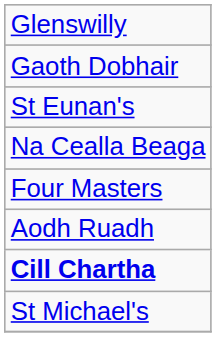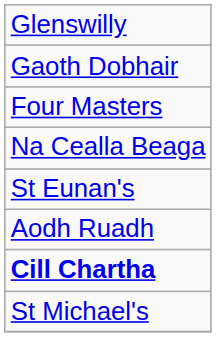 <table class="wikitable">
 <tr>
 <td><a href='#'>Glenswilly</a></td>
 </tr>
 <tr>
 <td><a href='#'>Gaoth Dobhair</a></td>
 </tr>
 <tr>
-<td><a href='#'>St Eunan's</a></td>
+<td><a href='#'>Four Masters</a></td>
 </tr>
 <tr>
 <td><a href='#'>Na Cealla Beaga</a></td>
 </tr>
 <tr>
-<td><a href='#'>Four Masters</a></td>
+<td><a href='#'>St Eunan's</a></td>
 </tr>
 <tr>
 <td><a href='#'>Aodh Ruadh</a></td>
 </tr>
 <tr>
 <td><strong><a href='#'>Cill Chartha</a></strong></td>
 </tr>
 <tr>
 <td><a href='#'>St Michael's</a></td>
 </tr>
 <tr>
 </tr>
 </table>
